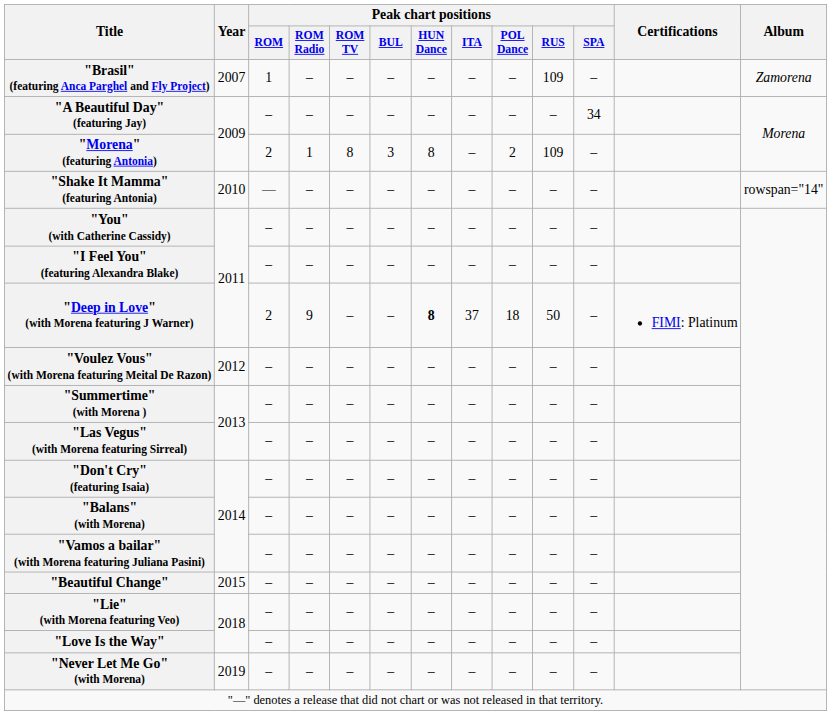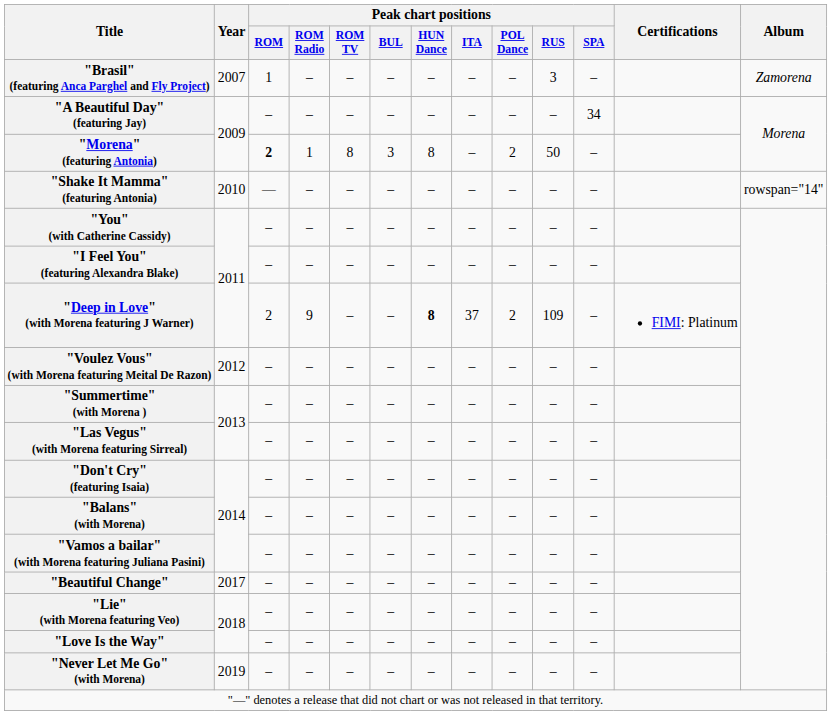 <table class="wikitable plainrowheaders" style="text-align:center;">
 <tr>
 <th scope="col" rowspan="2">Title</th>
 <th scope="col" rowspan="2">Year</th>
 <th scope="col" colspan="9">Peak chart positions</th>
 <th scope="col" rowspan="2">Certifications</th>
 <th scope="col" rowspan="2">Album</th>
 </tr>
 <tr>
 <th scope="col" style="width:3em;font-size:85%;"><a href='#'>ROM</a><br></th>
 <th scope="col" style="width:3em;font-size:85%;"><a href='#'>ROM<br>Radio</a><br></th>
 <th scope="col" style="width:3em;font-size:85%;"><a href='#'>ROM<br>TV</a><br></th>
 <th scope="col" style="width:3em;font-size:85%;"><a href='#'>BUL</a><br></th>
 <th scope="col" style="width:3em;font-size:85%;"><a href='#'>HUN<br>Dance</a><br></th>
 <th scope="col" style="width:3em;font-size:85%;"><a href='#'>ITA</a><br></th>
 <th scope="col" style="width:3em;font-size:85%;"><a href='#'>POL<br>Dance</a><br></th>
 <th scope="col" style="width:3em;font-size:85%;"><a href='#'>RUS</a><br></th>
 <th scope="col" style="width:3em;font-size:85%;"><a href='#'>SPA</a><br></th>
 </tr>
 <tr>
 <th scope="row">"Brasil"<br><small>(featuring <a href='#'>Anca Parghel</a> and <a href='#'>Fly Project</a>)</small></th>
 <td>2007</td>
 <td>1</td>
 <td>–</td>
 <td>–</td>
 <td>–</td>
 <td>–</td>
 <td>–</td>
 <td>–</td>
-<td>109</td>
+<td>3</td>
 <td>–</td>
 <td></td>
 <td><em>Zamorena</em></td>
 </tr>
 <tr>
 <th scope="row">"A Beautiful Day"<br><small>(featuring Jay)</small></th>
 <td rowspan="2">2009</td>
 <td>–</td>
 <td>–</td>
 <td>–</td>
 <td>–</td>
 <td>–</td>
 <td>–</td>
 <td>–</td>
 <td>–</td>
 <td>34</td>
 <td></td>
 <td rowspan="2"><em>Morena</em></td>
 </tr>
 <tr>
 <th scope="row">"<a href='#'>Morena</a>"<br><small>(featuring <a href='#'>Antonia</a>)</small></th>
-<td>2</td>
+<td><strong>2</strong></td>
 <td>1</td>
 <td>8</td>
 <td>3</td>
 <td>8</td>
 <td>–</td>
 <td>2</td>
-<td>109</td>
+<td>50</td>
 <td>–</td>
 <td></td>
 </tr>
 <tr>
 <th scope="row">"Shake It Mamma"<br><small>(featuring Antonia)</small></th>
 <td>2010</td>
 <td>—</td>
 <td>–</td>
 <td>–</td>
 <td>–</td>
 <td>–</td>
 <td>–</td>
 <td>–</td>
 <td>–</td>
 <td>–</td>
 <td></td>
 <td>rowspan="14" </td>
 </tr>
 <tr>
 <th scope="row">"You"<br><small>(with Catherine Cassidy)</small></th>
 <td rowspan="3">2011</td>
 <td>–</td>
 <td>–</td>
 <td>–</td>
 <td>–</td>
 <td>–</td>
 <td>–</td>
 <td>–</td>
 <td>–</td>
 <td>–</td>
 <td></td>
 </tr>
 <tr>
 <th scope="row">"I Feel You"<br><small>(featuring Alexandra Blake)</small></th>
 <td>–</td>
 <td>–</td>
 <td>–</td>
 <td>–</td>
 <td>–</td>
 <td>–</td>
 <td>–</td>
 <td>–</td>
 <td>–</td>
 <td></td>
 </tr>
 <tr>
 <th scope="row">"<a href='#'>Deep in Love</a>"<br><small>(with Morena featuring J Warner)</small></th>
 <td>2</td>
 <td>9</td>
 <td>–</td>
 <td>–</td>
 <td><strong>8</strong></td>
 <td>37</td>
-<td>18</td>
-<td>50</td>
+<td>2</td>
+<td>109</td>
 <td>–</td>
 <td><br><ul><li><a href='#'>FIMI</a>: Platinum</li></ul></td>
 </tr>
 <tr>
 <th scope="row">"Voulez Vous"<br><small>(with Morena featuring Meital De Razon)</small></th>
 <td>2012</td>
 <td>–</td>
 <td>–</td>
 <td>–</td>
 <td>–</td>
 <td>–</td>
 <td>–</td>
 <td>–</td>
 <td>–</td>
 <td>–</td>
 <td></td>
 </tr>
 <tr>
 <th scope="row">"Summertime"<br><small>(with Morena )</small></th>
 <td rowspan="2">2013</td>
 <td>–</td>
 <td>–</td>
 <td>–</td>
 <td>–</td>
 <td>–</td>
 <td>–</td>
 <td>–</td>
 <td>–</td>
 <td>–</td>
 <td></td>
 </tr>
 <tr>
 <th scope="row">"Las Vegus"<br><small>(with Morena featuring Sirreal)</small></th>
 <td>–</td>
 <td>–</td>
 <td>–</td>
 <td>–</td>
 <td>–</td>
 <td>–</td>
 <td>–</td>
 <td>–</td>
 <td>–</td>
 <td></td>
 </tr>
 <tr>
 <th scope="row">"Don't Cry"<br><small>(featuring Isaia)</small></th>
 <td rowspan="3">2014</td>
 <td>–</td>
 <td>–</td>
 <td>–</td>
 <td>–</td>
 <td>–</td>
 <td>–</td>
 <td>–</td>
 <td>–</td>
 <td>–</td>
 <td></td>
 </tr>
 <tr>
 <th scope="row">"Balans"<br><small>(with Morena)</small></th>
 <td>–</td>
 <td>–</td>
 <td>–</td>
 <td>–</td>
 <td>–</td>
 <td>–</td>
 <td>–</td>
 <td>–</td>
 <td>–</td>
 <td></td>
 </tr>
 <tr>
 <th scope="row">"Vamos a bailar"<br><small>(with Morena featuring Juliana Pasini)</small></th>
 <td>–</td>
 <td>–</td>
 <td>–</td>
 <td>–</td>
 <td>–</td>
 <td>–</td>
 <td>–</td>
 <td>–</td>
 <td>–</td>
 <td></td>
 </tr>
 <tr>
 <th scope="row">"Beautiful Change"</th>
-<td>2015</td>
+<td>2017</td>
 <td>–</td>
 <td>–</td>
 <td>–</td>
 <td>–</td>
 <td>–</td>
 <td>–</td>
 <td>–</td>
 <td>–</td>
 <td>–</td>
 <td></td>
 </tr>
 <tr>
 <th scope="row">"Lie"<br><small>(with Morena featuring Veo)</small></th>
 <td rowspan="2">2018</td>
 <td>–</td>
 <td>–</td>
 <td>–</td>
 <td>–</td>
 <td>–</td>
 <td>–</td>
 <td>–</td>
 <td>–</td>
 <td>–</td>
 <td></td>
 </tr>
 <tr>
 <th scope="row">"Love Is the Way"</th>
 <td>–</td>
 <td>–</td>
 <td>–</td>
 <td>–</td>
 <td>–</td>
 <td>–</td>
 <td>–</td>
 <td>–</td>
 <td>–</td>
 <td></td>
 </tr>
 <tr>
 <th scope="row">"Never Let Me Go"<br><small>(with Morena)</small></th>
 <td>2019</td>
 <td>–</td>
 <td>–</td>
 <td>–</td>
 <td>–</td>
 <td>–</td>
 <td>–</td>
 <td>–</td>
 <td>–</td>
 <td>–</td>
 <td></td>
 </tr>
 <tr>
 <td colspan="15" style="font-size:90%">"—" denotes a release that did not chart or was not released in that territory.</td>
 </tr>
 </table>
